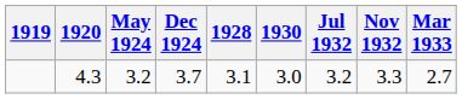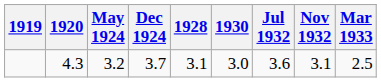 <table class=wikitable style=text-align:right>
 <tr>
 <th><a href='#'>1919</a></th>
 <th><a href='#'>1920</a></th>
 <th><a href='#'>May<br>1924</a></th>
 <th><a href='#'>Dec<br>1924</a></th>
 <th><a href='#'>1928</a></th>
 <th><a href='#'>1930</a></th>
 <th><a href='#'>Jul<br>1932</a></th>
 <th><a href='#'>Nov<br>1932</a></th>
 <th><a href='#'>Mar<br>1933</a></th>
 </tr>
 <tr>
 <td></td>
 <td>4.3</td>
 <td>3.2</td>
 <td>3.7</td>
 <td>3.1</td>
 <td>3.0</td>
-<td>3.2</td>
-<td>3.3</td>
-<td>2.7</td>
+<td>3.6</td>
+<td>3.1</td>
+<td>2.5</td>
 </tr>
 </table>
